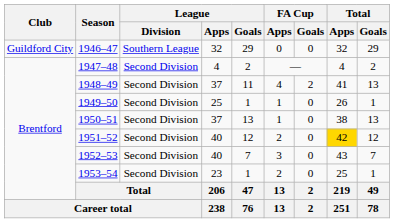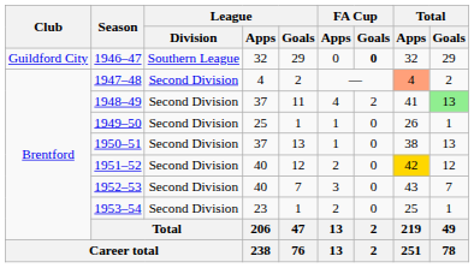 <table class="wikitable" style="text-align: center;">
 <tr>
 <th rowspan="2">Club</th>
 <th rowspan="2">Season</th>
 <th colspan="3">League</th>
 <th colspan="2">FA Cup</th>
 <th colspan="2">Total</th>
 </tr>
 <tr>
 <th>Division</th>
 <th>Apps</th>
 <th>Goals</th>
 <th>Apps</th>
 <th>Goals</th>
 <th>Apps</th>
 <th>Goals</th>
 </tr>
 <tr>
 <td><a href='#'>Guildford City</a></td>
 <td><a href='#'>1946–47</a></td>
 <td><a href='#'>Southern League</a></td>
 <td>32</td>
 <td>29</td>
 <td>0</td>
-<td>0</td>
+<td><strong>0</strong></td>
 <td>32</td>
 <td>29</td>
 </tr>
 <tr>
 <td rowspan="8"><a href='#'>Brentford</a></td>
 <td><a href='#'>1947–48</a></td>
 <td><a href='#'>Second Division</a></td>
 <td>4</td>
 <td>2</td>
 <td colspan="2">—</td>
-<td>4</td>
+<td style="background: lightsalmon;">4</td>
 <td>2</td>
 </tr>
 <tr>
 <td><a href='#'>1948–49</a></td>
 <td>Second Division</td>
 <td>37</td>
 <td>11</td>
 <td>4</td>
 <td>2</td>
 <td>41</td>
-<td>13</td>
+<td style="background: lightgreen;">13</td>
 </tr>
 <tr>
 <td><a href='#'>1949–50</a></td>
 <td>Second Division</td>
 <td>25</td>
 <td>1</td>
 <td>1</td>
 <td>0</td>
 <td>26</td>
 <td>1</td>
 </tr>
 <tr>
 <td><a href='#'>1950–51</a></td>
 <td>Second Division</td>
 <td>37</td>
 <td>13</td>
 <td>1</td>
 <td>0</td>
 <td>38</td>
 <td>13</td>
 </tr>
 <tr>
 <td><a href='#'>1951–52</a></td>
 <td>Second Division</td>
 <td>40</td>
 <td>12</td>
 <td>2</td>
 <td>0</td>
 <td style="background: gold;">42</td>
 <td>12</td>
 </tr>
 <tr>
 <td><a href='#'>1952–53</a></td>
 <td>Second Division</td>
 <td>40</td>
 <td>7</td>
 <td>3</td>
 <td>0</td>
 <td>43</td>
 <td>7</td>
 </tr>
 <tr>
 <td><a href='#'>1953–54</a></td>
 <td>Second Division</td>
 <td>23</td>
 <td>1</td>
 <td>2</td>
 <td>0</td>
 <td>25</td>
 <td>1</td>
 </tr>
 <tr>
 <th colspan="2">Total</th>
 <th>206</th>
 <th>47</th>
 <th>13</th>
 <th>2</th>
 <th>219</th>
 <th>49</th>
 </tr>
 <tr>
 <th colspan="3">Career total</th>
 <th>238</th>
 <th>76</th>
 <th>13</th>
 <th>2</th>
 <th>251</th>
 <th>78</th>
 </tr>
 </table>
